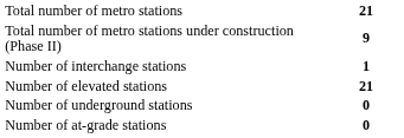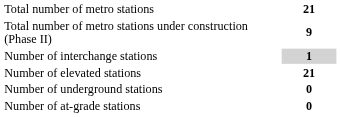 <table class="₠wikitable" width="35%">
 <tr>
 <td>Total number of metro stations</td>
 <td width="5%" align="center"><span><strong>21</strong></span></td>
 </tr>
 <tr>
 <td>Total number of metro stations under construction (Phase II)</td>
 <td width="5%" align="center"><span><strong>9</strong></span></td>
 </tr>
 <tr>
 <td width="25%">Number of interchange stations</td>
-<td width="5%" align="center"><span><strong>1</strong></span></td>
+<td width="5%" align="center" style="background: lightgrey;"><span><strong>1</strong></span></td>
 </tr>
 <tr>
 <td width="25%">Number of elevated stations</td>
 <td width="5%" align="center"><span><strong>21</strong></span></td>
 </tr>
 <tr>
 <td width="25%">Number of underground stations</td>
 <td width="5%" align="center"><span><strong>0</strong></span></td>
 </tr>
 <tr>
 <td width="25%">Number of at-grade stations</td>
 <td width="5%" align="center"><span><strong>0</strong></span></td>
 </tr>
 </table>
